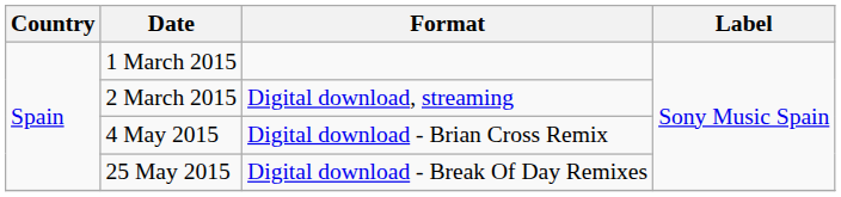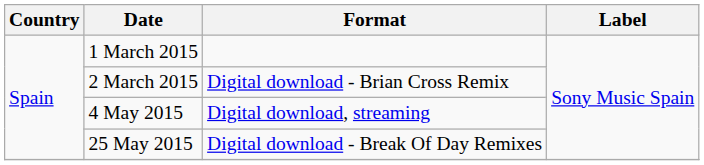 <table class="wikitable plainrowheaders">
 <tr>
 <th scope="col">Country</th>
 <th scope="col">Date</th>
 <th scope="col">Format</th>
 <th scope="col">Label</th>
 </tr>
 <tr>
 <td rowspan=4><a href='#'>Spain</a></td>
 <td>1 March 2015</td>
 <td></td>
 <td rowspan=4><a href='#'>Sony Music Spain</a></td>
 </tr>
 <tr>
 <td>2 March 2015</td>
-<td><a href='#'>Digital download</a>, <a href='#'>streaming</a></td>
+<td><a href='#'>Digital download</a> - Brian Cross Remix</td>
 </tr>
 <tr>
 <td>4 May 2015</td>
-<td><a href='#'>Digital download</a> - Brian Cross Remix</td>
+<td><a href='#'>Digital download</a>, <a href='#'>streaming</a></td>
 </tr>
 <tr>
 <td>25 May 2015</td>
 <td><a href='#'>Digital download</a> - Break Of Day Remixes</td>
 </tr>
 <tr>
 </tr>
 </table>
